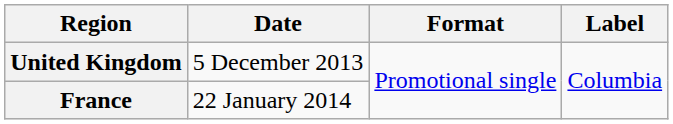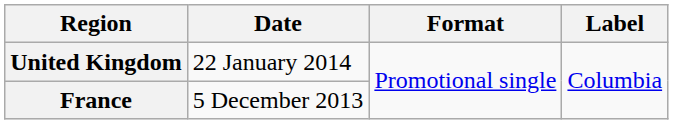 <table class="wikitable plainrowheaders">
 <tr>
 <th scope="col">Region</th>
 <th scope="col">Date</th>
 <th scope="col">Format</th>
 <th scope="col">Label</th>
 </tr>
 <tr>
 <th scope="row">United Kingdom</th>
-<td>5 December 2013</td>
+<td>22 January 2014</td>
 <td rowspan="2"><a href='#'>Promotional single</a></td>
 <td rowspan="2"><a href='#'>Columbia</a></td>
 </tr>
 <tr>
 <th scope="row">France</th>
-<td>22 January 2014</td>
+<td>5 December 2013</td>
 </tr>
 </table>
